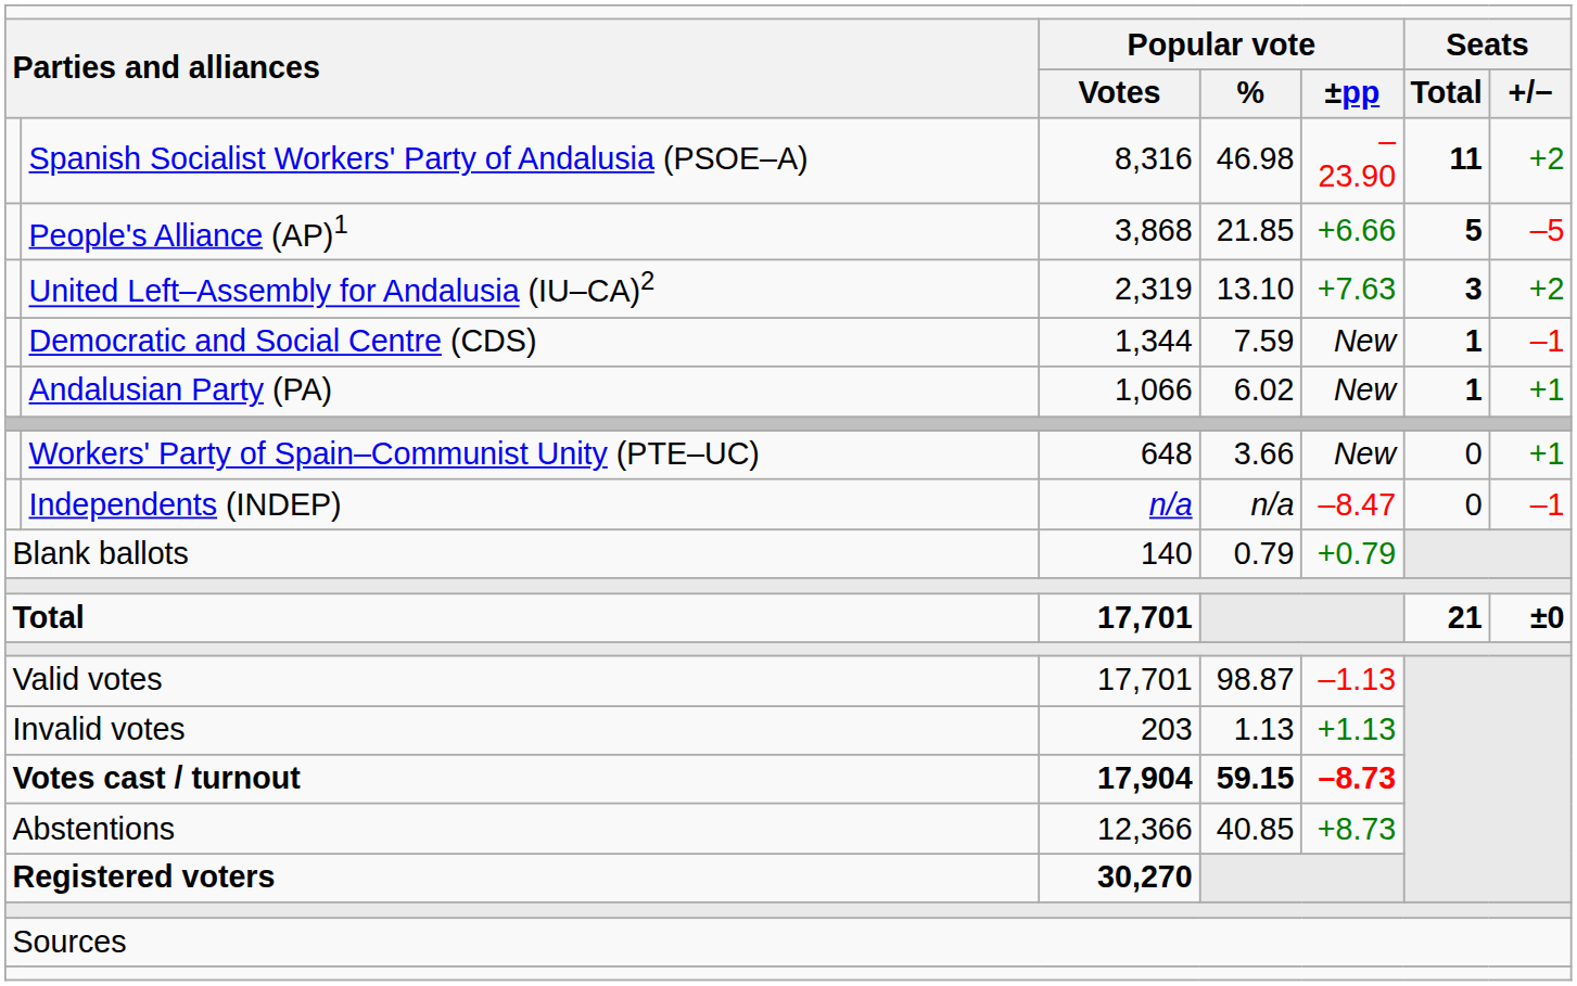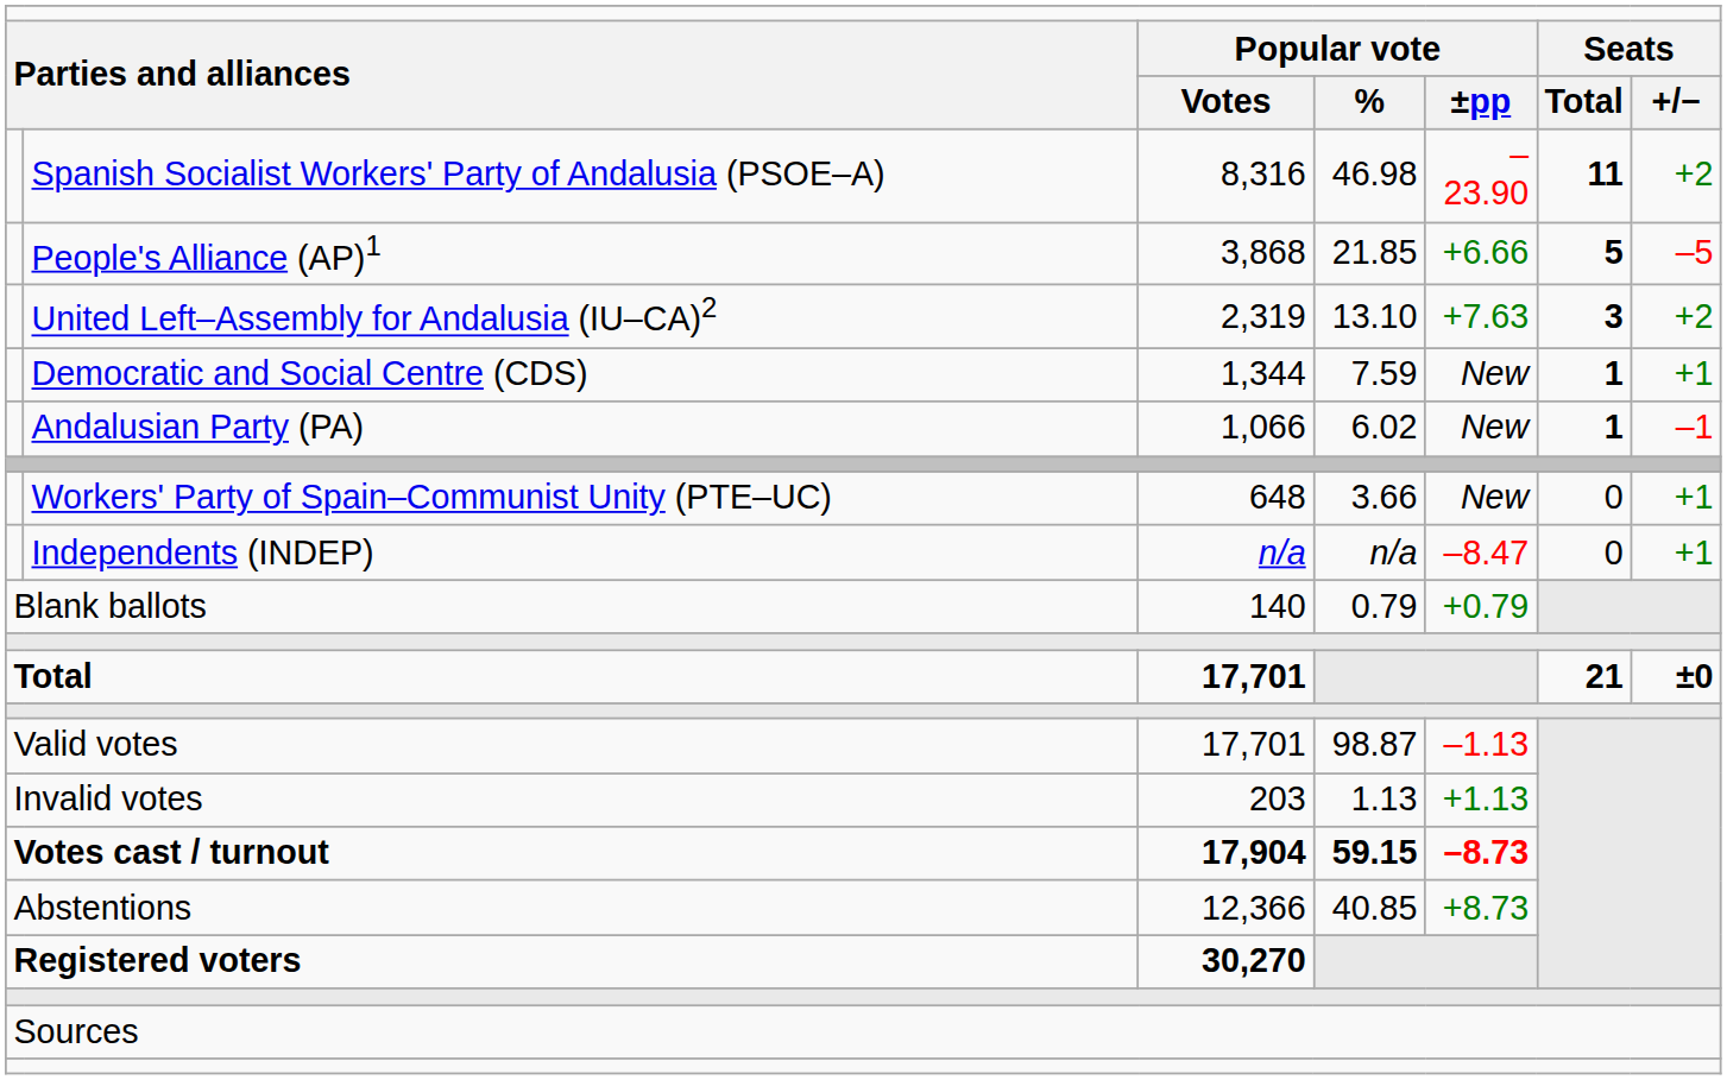 <table class="wikitable" style="text-align:right;">
 <tr>
 <td colspan="7"></td>
 </tr>
 <tr>
 <th style="text-align:left;" rowspan="2" colspan="2" width="525">Parties and alliances</th>
 <th colspan="3">Popular vote</th>
 <th colspan="2">Seats</th>
 </tr>
 <tr>
 <th width="75">Votes</th>
 <th width="45">%</th>
 <th width="45">±<a href='#'>pp</a></th>
 <th width="35">Total</th>
 <th width="35">+/−</th>
 </tr>
 <tr>
 <td width="1" style="color:inherit;background:"></td>
 <td align="left"><a href='#'>Spanish Socialist Workers' Party of Andalusia</a> (PSOE–A)</td>
 <td>8,316</td>
 <td>46.98</td>
 <td style="color:red;">–23.90</td>
 <td><strong>11</strong></td>
 <td style="color:green;">+2</td>
 </tr>
 <tr>
 <td style="color:inherit;background:"></td>
 <td align="left"><a href='#'>People's Alliance</a> (AP)<sup>1</sup></td>
 <td>3,868</td>
 <td>21.85</td>
 <td style="color:green;">+6.66</td>
 <td><strong>5</strong></td>
 <td style="color:red;">–5</td>
 </tr>
 <tr>
 <td style="color:inherit;background:"></td>
 <td align="left"><a href='#'>United Left–Assembly for Andalusia</a> (IU–CA)<sup>2</sup></td>
 <td>2,319</td>
 <td>13.10</td>
 <td style="color:green;">+7.63</td>
 <td><strong>3</strong></td>
 <td style="color:green;">+2</td>
 </tr>
 <tr>
 <td style="color:inherit;background:"></td>
 <td align="left"><a href='#'>Democratic and Social Centre</a> (CDS)</td>
 <td>1,344</td>
 <td>7.59</td>
 <td><em>New</em></td>
 <td><strong>1</strong></td>
-<td style="color:red;">–1</td>
+<td style="color:green;">+1</td>
 </tr>
 <tr>
 <td style="color:inherit;background:"></td>
 <td align="left"><a href='#'>Andalusian Party</a> (PA)</td>
 <td>1,066</td>
 <td>6.02</td>
 <td><em>New</em></td>
 <td><strong>1</strong></td>
-<td style="color:green;">+1</td>
+<td style="color:red;">–1</td>
 </tr>
 <tr>
 <td colspan="7" bgcolor="#C0C0C0"></td>
 </tr>
 <tr>
 <td style="color:inherit;background:"></td>
 <td align="left"><a href='#'>Workers' Party of Spain–Communist Unity</a> (PTE–UC)</td>
 <td>648</td>
 <td>3.66</td>
 <td><em>New</em></td>
 <td>0</td>
 <td style="color:green;">+1</td>
 </tr>
 <tr>
 <td style="color:inherit;background:"></td>
 <td align="left"><a href='#'>Independents</a> (INDEP)</td>
 <td><em><a href='#'>n/a</a></em></td>
 <td><em>n/a</em></td>
 <td style="color:red;">–8.47</td>
 <td>0</td>
-<td style="color:red;">–1</td>
+<td style="color:green;">+1</td>
 </tr>
 <tr>
 <td align="left" colspan="2">Blank ballots</td>
 <td>140</td>
 <td>0.79</td>
 <td style="color:green;">+0.79</td>
 <td bgcolor="#E9E9E9" colspan="2"></td>
 </tr>
 <tr>
 <td colspan="7" bgcolor="#E9E9E9"></td>
 </tr>
 <tr style="font-weight:bold;">
 <td align="left" colspan="2">Total</td>
 <td>17,701</td>
 <td bgcolor="#E9E9E9" colspan="2"></td>
 <td>21</td>
 <td>±0</td>
 </tr>
 <tr>
 <td colspan="7" bgcolor="#E9E9E9"></td>
 </tr>
 <tr>
 <td align="left" colspan="2">Valid votes</td>
 <td>17,701</td>
 <td>98.87</td>
 <td style="color:red;">–1.13</td>
 <td bgcolor="#E9E9E9" colspan="2" rowspan="5"></td>
 </tr>
 <tr>
 <td align="left" colspan="2">Invalid votes</td>
 <td>203</td>
 <td>1.13</td>
 <td style="color:green;">+1.13</td>
 </tr>
 <tr style="font-weight:bold;">
 <td align="left" colspan="2">Votes cast / turnout</td>
 <td>17,904</td>
 <td>59.15</td>
 <td style="color:red;">–8.73</td>
 </tr>
 <tr>
 <td align="left" colspan="2">Abstentions</td>
 <td>12,366</td>
 <td>40.85</td>
 <td style="color:green;">+8.73</td>
 </tr>
 <tr style="font-weight:bold;">
 <td align="left" colspan="2">Registered voters</td>
 <td>30,270</td>
 <td bgcolor="#E9E9E9" colspan="2"></td>
 </tr>
 <tr>
 <td colspan="7" bgcolor="#E9E9E9"></td>
 </tr>
 <tr>
 <td align="left" colspan="7">Sources</td>
 </tr>
 <tr>
 <td colspan="7" style="text-align:left; max-width:790px;"></td>
 </tr>
 </table>
